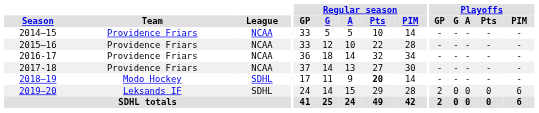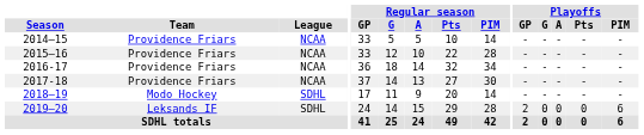 <table border="0" cellpadding="1" cellspacing="0" style="text-align:center; width:60em">
 <tr bgcolor="#e0e0e0">
 <th colspan="3" bgcolor="#ffffff"></th>
 <th rowspan="100" bgcolor="#ffffff"></th>
 <th colspan="5"><a href='#'>Regular season</a></th>
 <th rowspan="100" bgcolor="#ffffff"></th>
 <th colspan="5"><a href='#'>Playoffs</a></th>
 </tr>
 <tr bgcolor="#e0e0e0">
 <th><a href='#'>Season</a></th>
 <th>Team</th>
 <th>League</th>
 <th>GP</th>
 <th><a href='#'>G</a></th>
 <th><a href='#'>A</a></th>
 <th><a href='#'>Pts</a></th>
 <th><a href='#'>PIM</a></th>
 <th>GP</th>
 <th>G</th>
 <th>A</th>
 <th>Pts</th>
 <th>PIM</th>
 </tr>
 <tr>
 <td>2014–15</td>
 <td><a href='#'>Providence Friars</a></td>
 <td><a href='#'>NCAA</a></td>
 <td>33</td>
 <td>5</td>
 <td>5</td>
 <td>10</td>
 <td>14</td>
 <td>-</td>
 <td>-</td>
 <td>-</td>
 <td>-</td>
 <td>-</td>
 </tr>
 <tr style="background:#f0f0f0;">
 <td>2015–16</td>
 <td>Providence Friars</td>
 <td>NCAA</td>
 <td>33</td>
 <td>12</td>
 <td>10</td>
 <td>22</td>
 <td>28</td>
 <td>-</td>
 <td>-</td>
 <td>-</td>
 <td>-</td>
 <td>-</td>
 </tr>
 <tr>
 <td>2016-17</td>
 <td>Providence Friars</td>
 <td>NCAA</td>
 <td>36</td>
 <td>18</td>
 <td>14</td>
 <td>32</td>
 <td>34</td>
 <td>-</td>
 <td>-</td>
 <td>-</td>
 <td>-</td>
 <td>-</td>
 </tr>
 <tr bgcolor="#f0f0f0">
 <td>2017-18</td>
 <td>Providence Friars</td>
 <td>NCAA</td>
 <td>37</td>
 <td>14</td>
 <td>13</td>
 <td>27</td>
 <td>30</td>
 <td>-</td>
 <td>-</td>
 <td>-</td>
 <td>-</td>
 <td>-</td>
 </tr>
 <tr>
 <td><a href='#'>2018–19</a></td>
 <td><a href='#'>Modo Hockey</a></td>
 <td><a href='#'>SDHL</a></td>
 <td>17</td>
 <td>11</td>
 <td>9</td>
-<td><strong>20</strong></td>
+<td>20</td>
 <td>14</td>
 <td>-</td>
 <td>-</td>
 <td>-</td>
 <td>-</td>
 <td>-</td>
 </tr>
 <tr style="background:#f0f0f0;">
 <td><a href='#'>2019–20</a></td>
 <td><a href='#'>Leksands IF</a></td>
 <td>SDHL</td>
 <td>24</td>
 <td>14</td>
 <td>15</td>
 <td>29</td>
 <td>28</td>
 <td>2</td>
 <td>0</td>
 <td>0</td>
 <td>0</td>
 <td>6</td>
 </tr>
 <tr style="text-align:center; background:#e0e0e0;">
 <th colspan="3">SDHL totals</th>
 <th>41</th>
 <th>25</th>
 <th>24</th>
 <th>49</th>
 <th>42</th>
 <th>2</th>
 <th>0</th>
 <th>0</th>
 <th>0</th>
 <th>6</th>
 </tr>
 </table>
